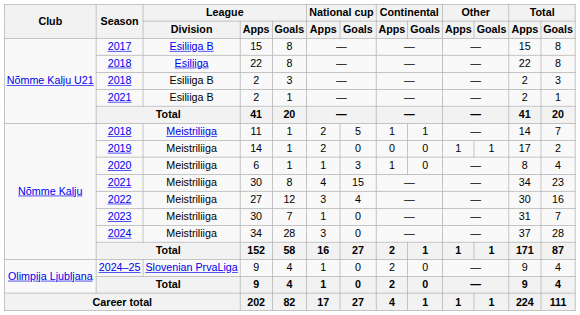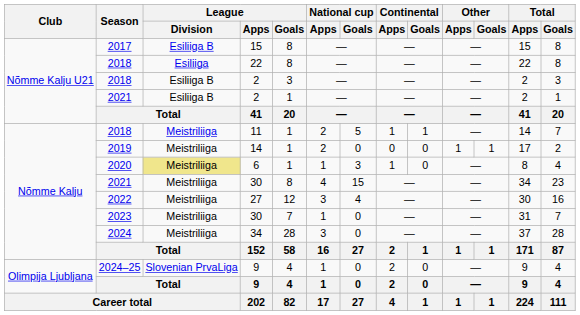 <table class="wikitable" style="text-align: center;">
 <tr>
 <th rowspan="2">Club</th>
 <th rowspan="2">Season</th>
 <th colspan="3">League</th>
 <th colspan="2">National cup</th>
 <th colspan="2">Continental</th>
 <th colspan="2">Other</th>
 <th colspan="2">Total</th>
 </tr>
 <tr>
 <th>Division</th>
 <th>Apps</th>
 <th>Goals</th>
 <th>Apps</th>
 <th>Goals</th>
 <th>Apps</th>
 <th>Goals</th>
 <th>Apps</th>
 <th>Goals</th>
 <th>Apps</th>
 <th>Goals</th>
 </tr>
 <tr>
 <td rowspan="5"><a href='#'>Nõmme Kalju U21</a></td>
 <td><a href='#'>2017</a></td>
 <td><a href='#'>Esiliiga B</a></td>
 <td>15</td>
 <td>8</td>
 <td colspan="2">—</td>
 <td colspan="2">—</td>
 <td colspan="2">—</td>
 <td>15</td>
 <td>8</td>
 </tr>
 <tr>
 <td><a href='#'>2018</a></td>
 <td><a href='#'>Esiliiga</a></td>
 <td>22</td>
 <td>8</td>
 <td colspan="2">—</td>
 <td colspan="2">—</td>
 <td colspan="2">—</td>
 <td>22</td>
 <td>8</td>
 </tr>
 <tr>
 <td><a href='#'>2018</a></td>
 <td>Esiliiga B</td>
 <td>2</td>
 <td>3</td>
 <td colspan="2">—</td>
 <td colspan="2">—</td>
 <td colspan="2">—</td>
 <td>2</td>
 <td>3</td>
 </tr>
 <tr>
 <td><a href='#'>2021</a></td>
 <td>Esiliiga B</td>
 <td>2</td>
 <td>1</td>
 <td colspan="2">—</td>
 <td colspan="2">—</td>
 <td colspan="2">—</td>
 <td>2</td>
 <td>1</td>
 </tr>
 <tr>
 <th colspan="2">Total</th>
 <th>41</th>
 <th>20</th>
 <th colspan="2">—</th>
 <th colspan="2">—</th>
 <th colspan="2">—</th>
 <th>41</th>
 <th>20</th>
 </tr>
 <tr>
 <td rowspan="8"><a href='#'>Nõmme Kalju</a></td>
 <td><a href='#'>2018</a></td>
 <td><a href='#'>Meistriliiga</a></td>
 <td>11</td>
 <td>1</td>
 <td>2</td>
 <td>5</td>
 <td>1</td>
 <td>1</td>
 <td colspan="2">—</td>
 <td>14</td>
 <td>7</td>
 </tr>
 <tr>
 <td><a href='#'>2019</a></td>
 <td>Meistriliiga</td>
 <td>14</td>
 <td>1</td>
 <td>2</td>
 <td>0</td>
 <td>0</td>
 <td>0</td>
 <td>1</td>
 <td>1</td>
 <td>17</td>
 <td>2</td>
 </tr>
 <tr>
 <td><a href='#'>2020</a></td>
-<td>Meistriliiga</td>
+<td style="background: khaki;">Meistriliiga</td>
 <td>6</td>
 <td>1</td>
 <td>1</td>
 <td>3</td>
 <td>1</td>
 <td>0</td>
 <td colspan="2">—</td>
 <td>8</td>
 <td>4</td>
 </tr>
 <tr>
 <td><a href='#'>2021</a></td>
 <td>Meistriliiga</td>
 <td>30</td>
 <td>8</td>
 <td>4</td>
 <td>15</td>
 <td colspan="2">—</td>
 <td colspan="2">—</td>
 <td>34</td>
 <td>23</td>
 </tr>
 <tr>
 <td><a href='#'>2022</a></td>
 <td>Meistriliiga</td>
 <td>27</td>
 <td>12</td>
 <td>3</td>
 <td>4</td>
 <td colspan="2">—</td>
 <td colspan="2">—</td>
 <td>30</td>
 <td>16</td>
 </tr>
 <tr>
 <td><a href='#'>2023</a></td>
 <td>Meistriliiga</td>
 <td>30</td>
 <td>7</td>
 <td>1</td>
 <td>0</td>
 <td colspan="2">—</td>
 <td colspan="2">—</td>
 <td>31</td>
 <td>7</td>
 </tr>
 <tr>
 <td><a href='#'>2024</a></td>
 <td>Meistriliiga</td>
 <td>34</td>
 <td>28</td>
 <td>3</td>
 <td>0</td>
 <td colspan="2">—</td>
 <td colspan="2">—</td>
 <td>37</td>
 <td>28</td>
 </tr>
 <tr>
 <th colspan="2">Total</th>
 <th>152</th>
 <th>58</th>
 <th>16</th>
 <th>27</th>
 <th>2</th>
 <th>1</th>
 <th>1</th>
 <th>1</th>
 <th>171</th>
 <th>87</th>
 </tr>
 <tr>
 <td rowspan="2"><a href='#'>Olimpija Ljubljana</a></td>
 <td><a href='#'>2024–25</a></td>
 <td><a href='#'>Slovenian PrvaLiga</a></td>
 <td>9</td>
 <td>4</td>
 <td>1</td>
 <td>0</td>
 <td>2</td>
 <td>0</td>
 <td colspan="2">—</td>
 <td>9</td>
 <td>4</td>
 </tr>
 <tr>
 <th colspan="2">Total</th>
 <th>9</th>
 <th>4</th>
 <th>1</th>
 <th>0</th>
 <th>2</th>
 <th>0</th>
 <th colspan="2">—</th>
 <th>9</th>
 <th>4</th>
 </tr>
 <tr>
 <th colspan="3">Career total</th>
 <th>202</th>
 <th>82</th>
 <th>17</th>
 <th>27</th>
 <th>4</th>
 <th>1</th>
 <th>1</th>
 <th>1</th>
 <th>224</th>
 <th>111</th>
 </tr>
 </table>
